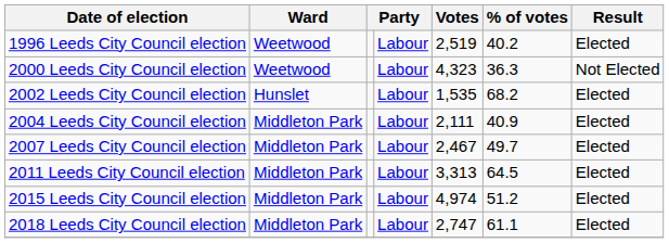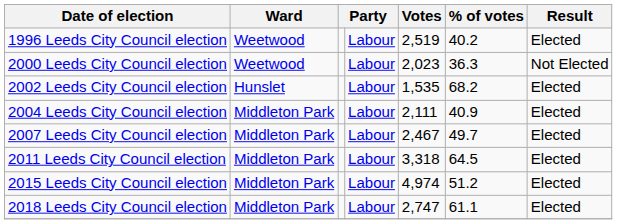 <table class="wikitable">
 <tr>
 <th>Date of election</th>
 <th>Ward</th>
 <th colspan="2">Party</th>
 <th>Votes</th>
 <th>% of votes</th>
 <th>Result</th>
 </tr>
 <tr>
 <td><a href='#'>1996 Leeds City Council election</a></td>
 <td><a href='#'>Weetwood</a></td>
 <td style="background-color: "></td>
 <td><a href='#'>Labour</a></td>
 <td>2,519</td>
 <td>40.2</td>
 <td> Elected</td>
 </tr>
 <tr>
 <td><a href='#'>2000 Leeds City Council election</a></td>
 <td><a href='#'>Weetwood</a></td>
 <td style="background-color: "></td>
 <td><a href='#'>Labour</a></td>
-<td>4,323</td>
+<td>2,023</td>
 <td>36.3</td>
 <td> Not Elected</td>
 </tr>
 <tr>
 <td><a href='#'>2002 Leeds City Council election</a></td>
 <td><a href='#'>Hunslet</a></td>
 <td style="background-color: "></td>
 <td><a href='#'>Labour</a></td>
 <td>1,535</td>
 <td>68.2</td>
 <td> Elected</td>
 </tr>
 <tr>
 <td><a href='#'>2004 Leeds City Council election</a></td>
 <td><a href='#'>Middleton Park</a></td>
 <td style="background-color: "></td>
 <td><a href='#'>Labour</a></td>
 <td>2,111</td>
 <td>40.9</td>
 <td> Elected</td>
 </tr>
 <tr>
 <td><a href='#'>2007 Leeds City Council election</a></td>
 <td><a href='#'>Middleton Park</a></td>
 <td style="background-color: "></td>
 <td><a href='#'>Labour</a></td>
 <td>2,467</td>
 <td>49.7</td>
 <td> Elected</td>
 </tr>
 <tr>
 <td><a href='#'>2011 Leeds City Council election</a></td>
 <td><a href='#'>Middleton Park</a></td>
 <td style="background-color: "></td>
 <td><a href='#'>Labour</a></td>
-<td>3,313</td>
+<td>3,318</td>
 <td>64.5</td>
 <td> Elected</td>
 </tr>
 <tr>
 <td><a href='#'>2015 Leeds City Council election</a></td>
 <td><a href='#'>Middleton Park</a></td>
 <td style="background-color: "></td>
 <td><a href='#'>Labour</a></td>
 <td>4,974</td>
 <td>51.2</td>
 <td> Elected</td>
 </tr>
 <tr>
 <td><a href='#'>2018 Leeds City Council election</a></td>
 <td><a href='#'>Middleton Park</a></td>
 <td style="background-color: "></td>
 <td><a href='#'>Labour</a></td>
 <td>2,747</td>
 <td>61.1</td>
 <td> Elected</td>
 </tr>
 <tr>
 </tr>
 </table>
